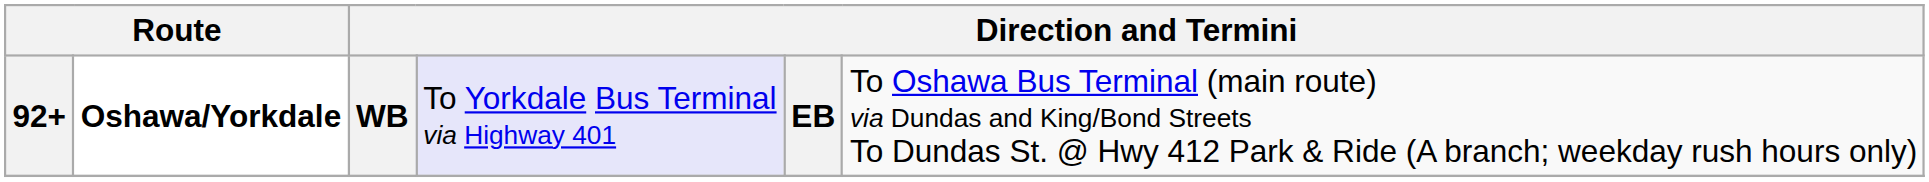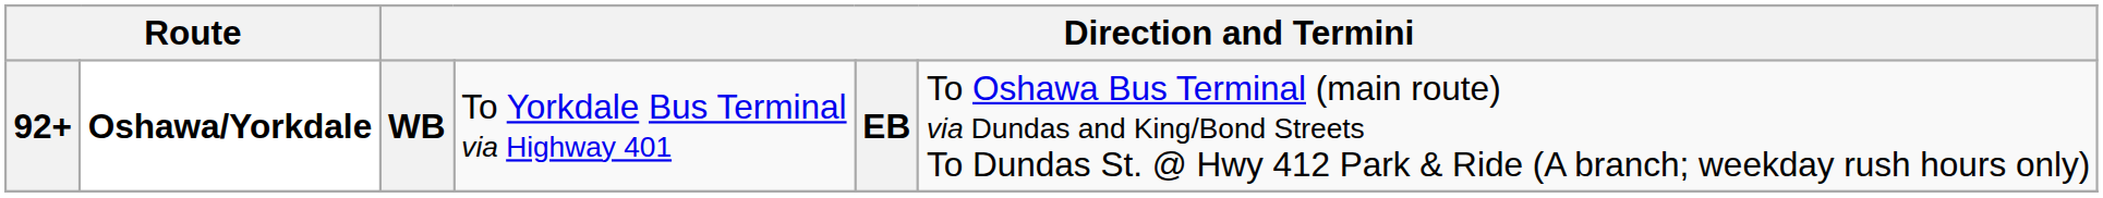 <table class=wikitable style="font-size: 90%;" |>
 <tr>
 <th colspan=2>Route</th>
 <th colspan=4>Direction and Termini</th>
 </tr>
 <tr>
 <th style="background:#"><div><strong>92+</strong></div></th>
 <td style="background:white;color:black"><strong>Oshawa/Yorkdale</strong></td>
 <th>WB</th>
-<td style="background: lavender;">To <a href='#'>Yorkdale</a> <a href='#'>Bus Terminal</a><small><br> <em>via</em> <a href='#'>Highway 401</a></small></td>
+<td>To <a href='#'>Yorkdale</a> <a href='#'>Bus Terminal</a><small><br> <em>via</em> <a href='#'>Highway 401</a></small></td>
 <th>EB</th>
 <td>To <a href='#'>Oshawa Bus Terminal</a> (main route)<br><small> <em>via</em> Dundas and King/Bond Streets</small><br>To Dundas St. @ Hwy 412 Park & Ride (A branch; weekday rush hours only)</td>
 </tr>
 <tr>
 </tr>
 </table>
